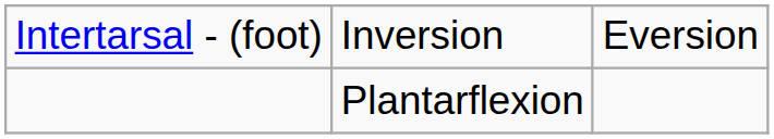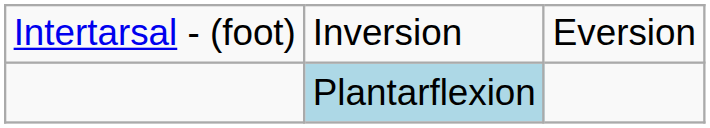 <table class="wikitable">
 <tr>
 <td><a href='#'>Intertarsal</a> - (foot)</td>
 <td>Inversion</td>
 <td>Eversion</td>
 </tr>
 <tr>
 <td></td>
-<td>Plantarflexion</td>
+<td style="background: lightblue;">Plantarflexion</td>
 </tr>
 </table>
